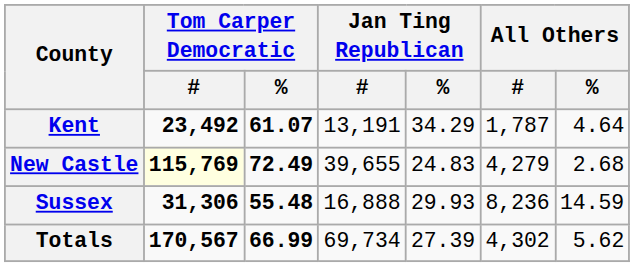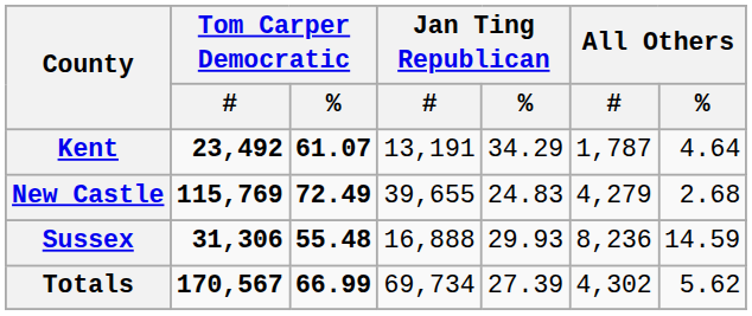 <table class="wikitable sortable" style="text-align:right;font-size:90%;line-height:1.3">
 <tr>
 <th rowspan="2">County</th>
 <th colspan="2"><a href='#'>Tom Carper</a><br><a href='#'>Democratic</a></th>
 <th colspan="2">Jan Ting<br><a href='#'>Republican</a></th>
 <th colspan="2">All Others</th>
 </tr>
 <tr>
 <th data-sort-type="number">#</th>
 <th data-sort-type="number">%</th>
 <th data-sort-type="number">#</th>
 <th data-sort-type="number">%</th>
 <th data-sort-type="number">#</th>
 <th data-sort-type="number">%</th>
 </tr>
 <tr>
 <th><a href='#'>Kent</a></th>
 <td><strong>23,492</strong></td>
 <td><strong>61.07</strong></td>
 <td>13,191</td>
 <td>34.29</td>
 <td>1,787</td>
 <td>4.64</td>
 </tr>
 <tr>
 <th><a href='#'>New Castle</a></th>
-<td style="background: lightyellow;"><strong>115,769</strong></td>
+<td><strong>115,769</strong></td>
 <td><strong>72.49</strong></td>
 <td>39,655</td>
 <td>24.83</td>
 <td>4,279</td>
 <td>2.68</td>
 </tr>
 <tr>
 <th><a href='#'>Sussex</a></th>
 <td><strong>31,306</strong></td>
 <td><strong>55.48</strong></td>
 <td>16,888</td>
 <td>29.93</td>
 <td>8,236</td>
 <td>14.59</td>
 </tr>
 <tr class="sortbottom">
 <th>Totals</th>
 <td><strong>170,567</strong></td>
 <td><strong>66.99</strong></td>
 <td>69,734</td>
 <td>27.39</td>
 <td>4,302</td>
 <td>5.62</td>
 </tr>
 </table>
